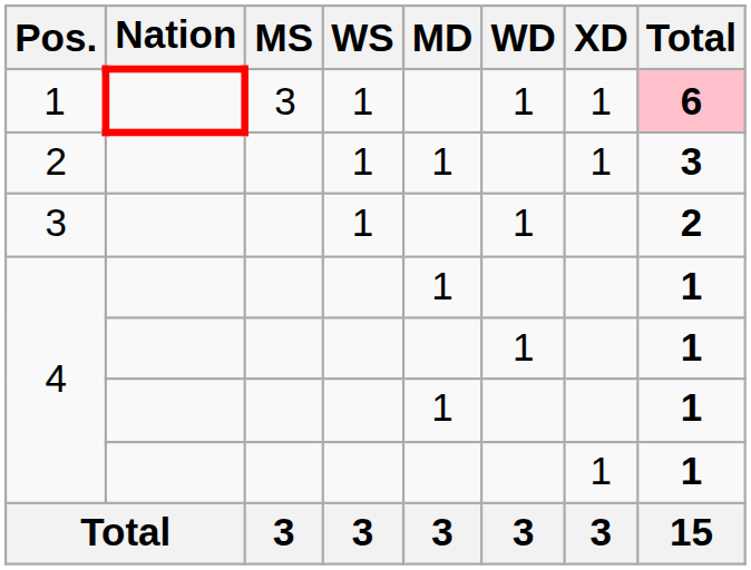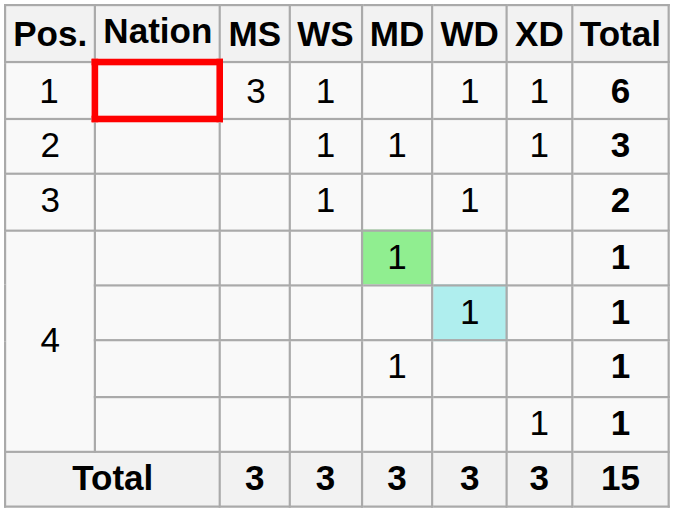 <table class="wikitable" style="text-align:center">
 <tr>
 <th>Pos.</th>
 <th>Nation</th>
 <th>MS</th>
 <th>WS</th>
 <th>MD</th>
 <th>WD</th>
 <th>XD</th>
 <th>Total</th>
 </tr>
 <tr>
 <td>1</td>
 <td align="left" style="border: 3px solid red"><strong></strong></td>
 <td>3</td>
 <td>1</td>
 <td></td>
 <td>1</td>
 <td>1</td>
-<td style="background: pink;"><strong>6</strong></td>
+<td><strong>6</strong></td>
 </tr>
 <tr>
 <td>2</td>
 <td align="left"></td>
 <td></td>
 <td>1</td>
 <td>1</td>
 <td></td>
 <td>1</td>
 <td><strong>3</strong></td>
 </tr>
 <tr>
 <td>3</td>
 <td align="left"></td>
 <td></td>
 <td>1</td>
 <td></td>
 <td>1</td>
 <td></td>
 <td><strong>2</strong></td>
 </tr>
 <tr>
 <td rowspan="4">4</td>
 <td align="left"></td>
 <td></td>
 <td></td>
-<td>1</td>
+<td style="background: lightgreen;">1</td>
 <td></td>
 <td></td>
 <td><strong>1</strong></td>
 </tr>
 <tr>
 <td align="left"></td>
 <td></td>
 <td></td>
 <td></td>
-<td>1</td>
+<td style="background: paleturquoise;">1</td>
 <td></td>
 <td><strong>1</strong></td>
 </tr>
 <tr>
 <td align="left"></td>
 <td></td>
 <td></td>
 <td>1</td>
 <td></td>
 <td></td>
 <td><strong>1</strong></td>
 </tr>
 <tr>
 <td align="left"></td>
 <td></td>
 <td></td>
 <td></td>
 <td></td>
 <td>1</td>
 <td><strong>1</strong></td>
 </tr>
 <tr>
 <th colspan="2">Total</th>
 <th>3</th>
 <th>3</th>
 <th>3</th>
 <th>3</th>
 <th>3</th>
 <th>15</th>
 </tr>
 </table>
